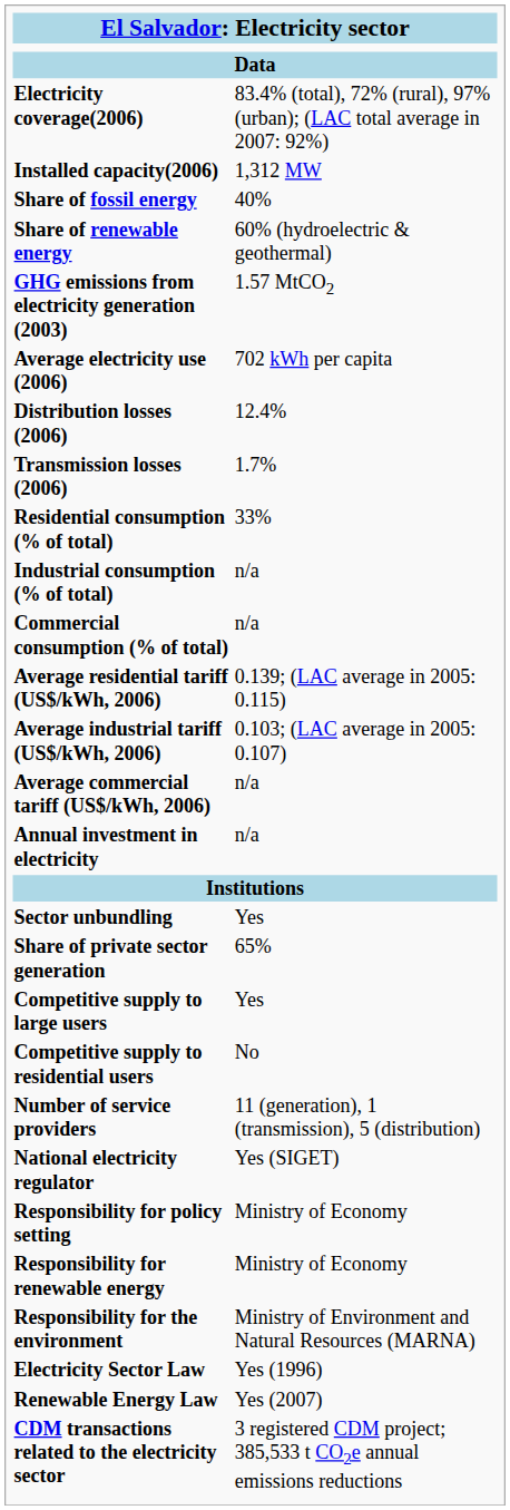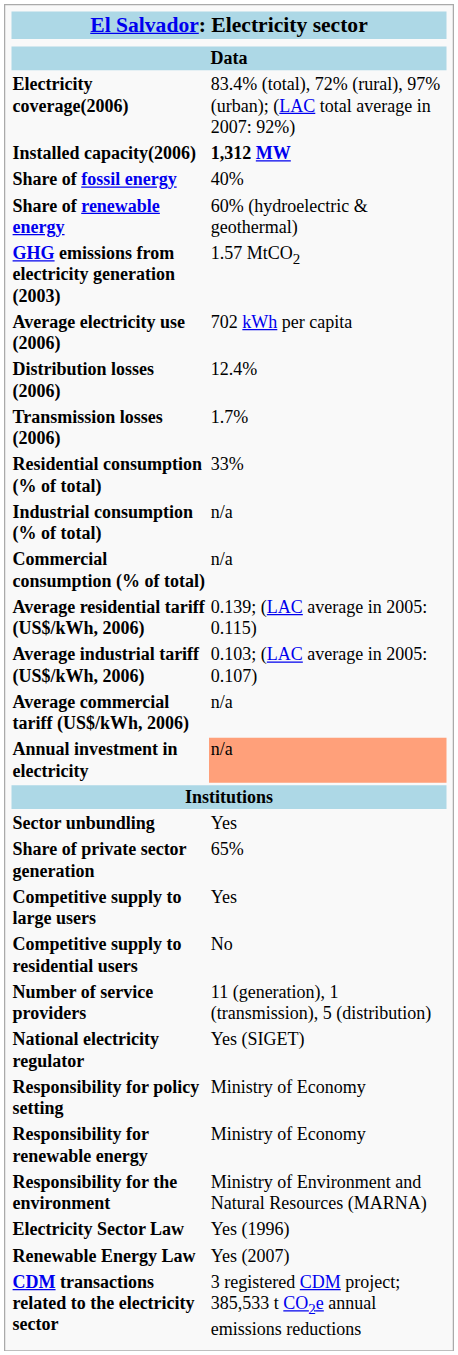 <table style="width: 25em; font-size: 90%; text-align: left;" class="infobox">
 <tr>
 <th align="center" bgcolor="lightblue" colspan="2"><big><a href='#'>El Salvador</a>: Electricity sector</big></th>
 </tr>
 <tr>
 <td colspan="2" style="text-align:center;"></td>
 </tr>
 <tr>
 <th align="center" bgcolor="lightblue" colspan="3">Data</th>
 </tr>
 <tr>
 <th align="left" valign="top">Electricity coverage(2006)</th>
 <td valign="top">83.4% (total), 72% (rural), 97% (urban); (<a href='#'>LAC</a> total average in 2007: 92%)</td>
 </tr>
 <tr>
 <th align="left" valign="top">Installed capacity(2006)</th>
-<td valign="top">1,312 <a href='#'>MW</a></td>
+<td valign="top"><strong>1,312 <a href='#'>MW</a></strong></td>
 </tr>
 <tr>
 <th align="left" valign="top">Share of <a href='#'>fossil energy</a></th>
 <td valign="top">40%</td>
 </tr>
 <tr>
 <th align="left" valign="top">Share of <a href='#'>renewable energy</a></th>
 <td valign="top">60% (hydroelectric & geothermal)</td>
 </tr>
 <tr>
 <th align="left" valign="top"><a href='#'>GHG</a> emissions from electricity generation (2003)</th>
 <td valign="top">1.57 MtCO<sub>2</sub></td>
 </tr>
 <tr>
 <th align="left" valign="top">Average electricity use (2006)</th>
 <td valign="top">702 <a href='#'>kWh</a> per capita</td>
 </tr>
 <tr>
 <th align="left" valign="top">Distribution losses (2006)</th>
 <td valign="top">12.4%</td>
 </tr>
 <tr>
 <th align="left" valign="top">Transmission losses (2006)</th>
 <td valign="top">1.7%</td>
 </tr>
 <tr>
 <th align="left" valign="top">Residential consumption (% of total)</th>
 <td valign="top">33%</td>
 </tr>
 <tr>
 <th align="left" valign="top">Industrial consumption (% of total)</th>
 <td valign="top">n/a</td>
 </tr>
 <tr>
 <th align="left" valign="top">Commercial consumption (% of total)</th>
 <td valign="top">n/a</td>
 </tr>
 <tr>
 <th align="left" valign="top">Average residential tariff (US$/kWh, 2006)</th>
 <td valign="top">0.139; (<a href='#'>LAC</a> average in 2005: 0.115)</td>
 </tr>
 <tr>
 <th align="left" valign="top">Average industrial tariff (US$/kWh, 2006)</th>
 <td valign="top">0.103; (<a href='#'>LAC</a> average in 2005: 0.107)</td>
 </tr>
 <tr>
 <th align="left" valign="top">Average commercial tariff (US$/kWh, 2006)</th>
 <td valign="top">n/a</td>
 </tr>
 <tr>
 <th align="left" valign="top">Annual investment in electricity</th>
-<td valign="top">n/a</td>
+<td valign="top" style="background: lightsalmon;">n/a</td>
 </tr>
 <tr>
 <th align="center" bgcolor="lightblue" colspan="3">Institutions</th>
 </tr>
 <tr>
 <th align="left" valign="top">Sector unbundling</th>
 <td valign="top">Yes</td>
 </tr>
 <tr>
 <th align="left" valign="top">Share of private sector generation</th>
 <td valign="top">65%</td>
 </tr>
 <tr>
 <th align="left" valign="top">Competitive supply to large users</th>
 <td valign="top">Yes</td>
 </tr>
 <tr>
 <th align="left" valign="top">Competitive supply to residential users</th>
 <td valign="top">No</td>
 </tr>
 <tr>
 <th align="left" valign="top">Number of service providers</th>
 <td valign="top">11 (generation), 1 (transmission), 5 (distribution)</td>
 </tr>
 <tr>
 <th align="left" valign="top">National electricity regulator</th>
 <td valign="top">Yes (SIGET)</td>
 </tr>
 <tr>
 <th align="left" valign="top">Responsibility for policy setting</th>
 <td valign="top">Ministry of Economy</td>
 </tr>
 <tr>
 <th align="left" valign="top">Responsibility for renewable energy</th>
 <td valign="top">Ministry of Economy</td>
 </tr>
 <tr>
 <th align="left" valign="top">Responsibility for the environment</th>
 <td valign="top">Ministry of Environment and Natural Resources (MARNA)</td>
 </tr>
 <tr>
 <th align="left" valign="top">Electricity Sector Law</th>
 <td valign="top">Yes (1996)</td>
 </tr>
 <tr>
 <th align="left" valign="top">Renewable Energy Law</th>
 <td valign="top">Yes (2007)</td>
 </tr>
 <tr>
 <th align="left" valign="top"><a href='#'>CDM</a> transactions related to the electricity sector</th>
 <td valign="top">3 registered <a href='#'>CDM</a> project; 385,533 t <a href='#'>CO<sub>2</sub>e</a> annual emissions reductions</td>
 </tr>
 <tr>
 </tr>
 </table>
